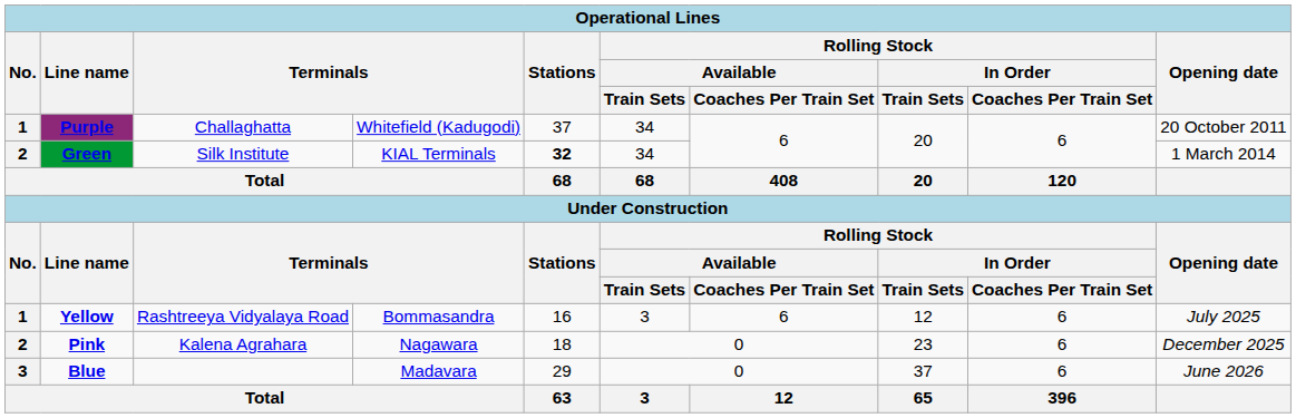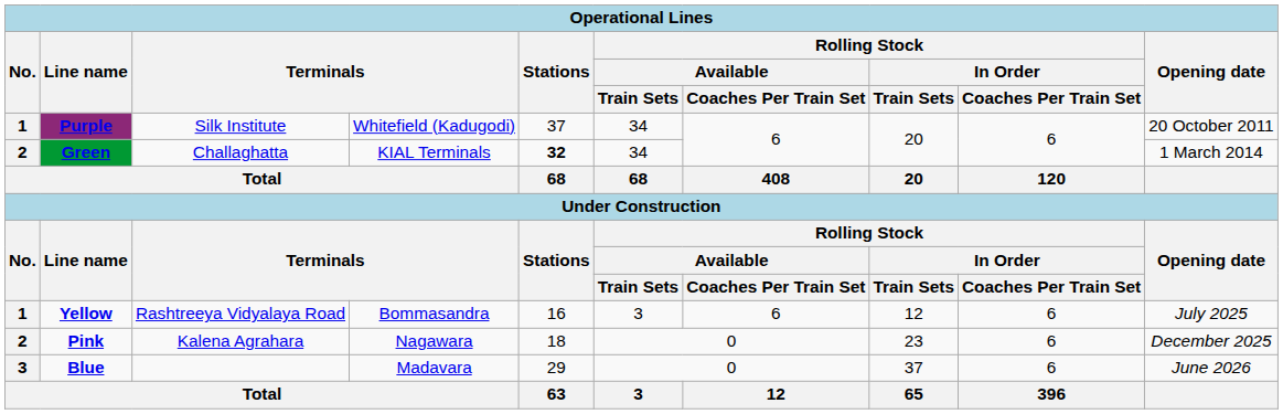 <table class="wikitable sortable" align="center" style="text-align:center; style=" font-size:85%;margin:auto">
 <tr>
 <th colspan="10" style="background:#ADD8E6;">Operational Lines</th>
 </tr>
 <tr>
 <th rowspan="3">No.</th>
 <th rowspan="3">Line name</th>
 <th colspan="2" rowspan="3">Terminals</th>
 <th rowspan="3">Stations</th>
 <th colspan="4">Rolling Stock</th>
 <th rowspan="3">Opening date</th>
 </tr>
 <tr>
 <th colspan="2">Available</th>
 <th colspan="2">In Order</th>
 </tr>
 <tr>
 <th>Train Sets</th>
 <th>Coaches Per Train Set</th>
 <th>Train Sets</th>
 <th>Coaches Per Train Set</th>
 </tr>
 <tr>
 <th rowspan="1">1</th>
 <td rowspan="1" style="background:#8c2877; text-align: center;"><a href='#'><span><strong>Purple</strong></span></a></td>
-<td><a href='#'>Challaghatta</a></td>
+<td><a href='#'>Silk Institute</a></td>
 <td><a href='#'>Whitefield (Kadugodi)</a></td>
 <td style="text-align: center;">37</td>
 <td style="text-align: center;">34</td>
 <td rowspan="2">6</td>
 <td rowspan="2">20</td>
 <td rowspan="2">6</td>
 <td style="text-align:center;">20 October 2011</td>
 </tr>
 <tr>
 <th rowspan="1">2</th>
 <td rowspan="1" style="background:#009933; text-align: center;"><a href='#'><span><strong>Green</strong></span></a></td>
-<td><a href='#'>Silk Institute</a></td>
+<td><a href='#'>Challaghatta</a></td>
 <td><a href='#'>KIAL Terminals</a></td>
 <td style="text-align: center;"><strong>32</strong></td>
 <td>34</td>
 <td style="text-align:center;">1 March 2014</td>
 </tr>
 <tr>
 <th colspan="4">Total</th>
 <th>68</th>
 <th>68</th>
 <th>408</th>
 <th>20</th>
 <th>120</th>
 <th></th>
 </tr>
 <tr>
 <th colspan="10" style="background:#ADD8E6;">Under Construction</th>
 </tr>
 <tr>
 <th rowspan="3">No.</th>
 <th rowspan="3">Line name</th>
 <th colspan="2" rowspan="3">Terminals</th>
 <th rowspan="3">Stations</th>
 <th colspan="4">Rolling Stock</th>
 <th rowspan="3">Opening date</th>
 </tr>
 <tr>
 <th colspan="2">Available</th>
 <th colspan="2">In Order</th>
 </tr>
 <tr>
 <th>Train Sets</th>
 <th>Coaches Per Train Set</th>
 <th>Train Sets</th>
 <th>Coaches Per Train Set</th>
 </tr>
 <tr>
 <th>1</th>
 <td rowspan="1" style="background:#"><a href='#'><span><strong>Yellow</strong></span></a></td>
 <td><a href='#'>Rashtreeya Vidyalaya Road</a></td>
 <td><a href='#'>Bommasandra</a></td>
 <td>16</td>
 <td>3</td>
 <td>6</td>
 <td>12</td>
 <td>6</td>
 <td><em>July 2025</em></td>
 </tr>
 <tr>
 <th>2</th>
 <td rowspan="1" style="background:#"><a href='#'><span><strong>Pink</strong></span></a></td>
 <td><a href='#'>Kalena Agrahara</a></td>
 <td><a href='#'>Nagawara</a></td>
 <td>18</td>
 <td colspan="2">0</td>
 <td>23</td>
 <td>6</td>
 <td><em>December 2025</em></td>
 </tr>
 <tr>
 <th>3</th>
 <td rowspan="1" style="background:#"><a href='#'><span><strong>Blue</strong></span></a></td>
 <td></td>
 <td><a href='#'>Madavara</a></td>
 <td>29</td>
 <td colspan="2">0</td>
 <td>37</td>
 <td>6</td>
 <td><em>June 2026</em></td>
 </tr>
 <tr>
 <th colspan="4">Total</th>
 <th>63</th>
 <th>3</th>
 <th>12</th>
 <th>65</th>
 <th>396</th>
 <th></th>
 </tr>
 </table>
